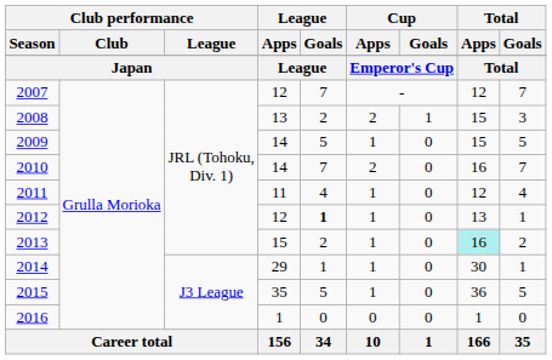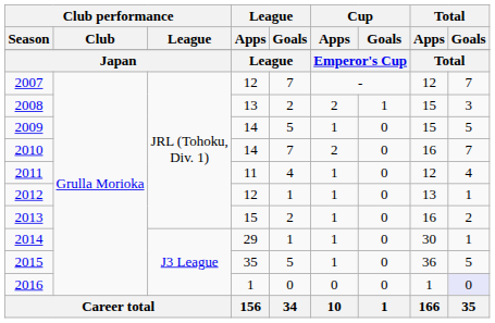 <table class="wikitable" style="text-align:center">
 <tr>
 <th colspan=3>Club performance</th>
 <th colspan=2>League</th>
 <th colspan=2>Cup</th>
 <th colspan=2>Total</th>
 </tr>
 <tr>
 <th>Season</th>
 <th>Club</th>
 <th>League</th>
 <th>Apps</th>
 <th>Goals</th>
 <th>Apps</th>
 <th>Goals</th>
 <th>Apps</th>
 <th>Goals</th>
 </tr>
 <tr>
 </tr>
 <tr>
 <th colspan=3>Japan</th>
 <th colspan=2>League</th>
 <th colspan=2><a href='#'>Emperor's Cup</a></th>
 <th colspan=2>Total</th>
 </tr>
 <tr>
 <td><a href='#'>2007</a></td>
 <td rowspan="10"><a href='#'>Grulla Morioka</a></td>
 <td rowspan="7">JRL (Tohoku,<br>Div. 1)</td>
 <td>12</td>
 <td>7</td>
 <td colspan="2">-</td>
 <td>12</td>
 <td>7</td>
 </tr>
 <tr>
 <td><a href='#'>2008</a></td>
 <td>13</td>
 <td>2</td>
 <td>2</td>
 <td>1</td>
 <td>15</td>
 <td>3</td>
 </tr>
 <tr>
 <td><a href='#'>2009</a></td>
 <td>14</td>
 <td>5</td>
 <td>1</td>
 <td>0</td>
 <td>15</td>
 <td>5</td>
 </tr>
 <tr>
 <td><a href='#'>2010</a></td>
 <td>14</td>
 <td>7</td>
 <td>2</td>
 <td>0</td>
 <td>16</td>
 <td>7</td>
 </tr>
 <tr>
 <td><a href='#'>2011</a></td>
 <td>11</td>
 <td>4</td>
 <td>1</td>
 <td>0</td>
 <td>12</td>
 <td>4</td>
 </tr>
 <tr>
 <td><a href='#'>2012</a></td>
 <td>12</td>
-<td><strong>1</strong></td>
+<td>1</td>
 <td>1</td>
 <td>0</td>
 <td>13</td>
 <td>1</td>
 </tr>
 <tr>
 <td><a href='#'>2013</a></td>
 <td>15</td>
 <td>2</td>
 <td>1</td>
 <td>0</td>
-<td style="background: paleturquoise;">16</td>
+<td>16</td>
 <td>2</td>
 </tr>
 <tr>
 <td><a href='#'>2014</a></td>
 <td rowspan="3"><a href='#'>J3 League</a></td>
 <td>29</td>
 <td>1</td>
 <td>1</td>
 <td>0</td>
 <td>30</td>
 <td>1</td>
 </tr>
 <tr>
 <td><a href='#'>2015</a></td>
 <td>35</td>
 <td>5</td>
 <td>1</td>
 <td>0</td>
 <td>36</td>
 <td>5</td>
 </tr>
 <tr>
 <td><a href='#'>2016</a></td>
 <td>1</td>
 <td>0</td>
 <td>0</td>
 <td>0</td>
 <td>1</td>
-<td>0</td>
+<td style="background: lavender;">0</td>
 </tr>
 <tr>
 <th colspan=3>Career total</th>
 <th>156</th>
 <th>34</th>
 <th>10</th>
 <th>1</th>
 <th>166</th>
 <th>35</th>
 </tr>
 </table>
